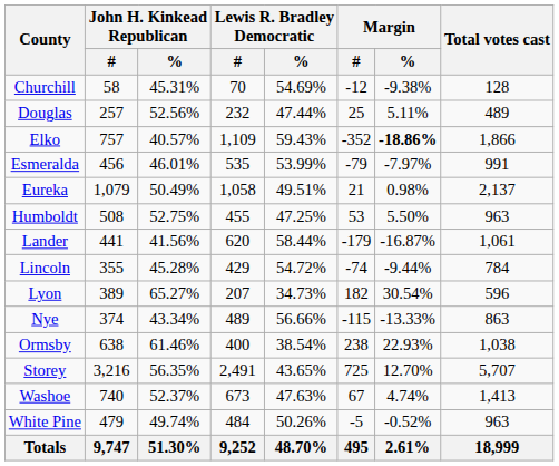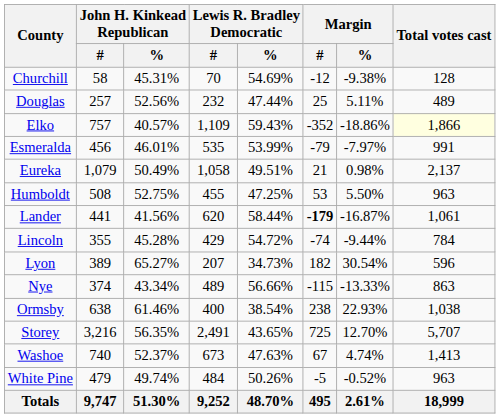 <table class="wikitable sortable" style="text-align:center">
 <tr>
 <th rowspan="2">County</th>
 <th style="text-align:center;" colspan="2">John H. Kinkead<br>Republican</th>
 <th style="text-align:center;" colspan="2">Lewis R. Bradley<br>Democratic</th>
 <th style="text-align:center;" colspan="2">Margin</th>
 <th style="text-align:center;" rowspan="2">Total votes cast</th>
 </tr>
 <tr>
 <th style="text-align:center;" data-sort-type="number">#</th>
 <th style="text-align:center;" data-sort-type="number">%</th>
 <th style="text-align:center;" data-sort-type="number">#</th>
 <th style="text-align:center;" data-sort-type="number">%</th>
 <th style="text-align:center;" data-sort-type="number">#</th>
 <th style="text-align:center;" data-sort-type="number">%</th>
 </tr>
 <tr style="text-align:center;">
 <td><a href='#'>Churchill</a></td>
 <td>58</td>
 <td>45.31%</td>
 <td>70</td>
 <td>54.69%</td>
 <td>-12</td>
 <td>-9.38%</td>
 <td>128</td>
 </tr>
 <tr style="text-align:center;">
 <td><a href='#'>Douglas</a></td>
 <td>257</td>
 <td>52.56%</td>
 <td>232</td>
 <td>47.44%</td>
 <td>25</td>
 <td>5.11%</td>
 <td>489</td>
 </tr>
 <tr style="text-align:center;">
 <td><a href='#'>Elko</a></td>
 <td>757</td>
 <td>40.57%</td>
 <td>1,109</td>
 <td>59.43%</td>
 <td>-352</td>
-<td><strong>-18.86%</strong></td>
-<td>1,866</td>
+<td>-18.86%</td>
+<td style="background: lightyellow;">1,866</td>
 </tr>
 <tr style="text-align:center;">
 <td><a href='#'>Esmeralda</a></td>
 <td>456</td>
 <td>46.01%</td>
 <td>535</td>
 <td>53.99%</td>
 <td>-79</td>
 <td>-7.97%</td>
 <td>991</td>
 </tr>
 <tr style="text-align:center;">
 <td><a href='#'>Eureka</a></td>
 <td>1,079</td>
 <td>50.49%</td>
 <td>1,058</td>
 <td>49.51%</td>
 <td>21</td>
 <td>0.98%</td>
 <td>2,137</td>
 </tr>
 <tr style="text-align:center;">
 <td><a href='#'>Humboldt</a></td>
 <td>508</td>
 <td>52.75%</td>
 <td>455</td>
 <td>47.25%</td>
 <td>53</td>
 <td>5.50%</td>
 <td>963</td>
 </tr>
 <tr style="text-align:center;">
 <td><a href='#'>Lander</a></td>
 <td>441</td>
 <td>41.56%</td>
 <td>620</td>
 <td>58.44%</td>
-<td>-179</td>
+<td><strong>-179</strong></td>
 <td>-16.87%</td>
 <td>1,061</td>
 </tr>
 <tr style="text-align:center;">
 <td><a href='#'>Lincoln</a></td>
 <td>355</td>
 <td>45.28%</td>
 <td>429</td>
 <td>54.72%</td>
 <td>-74</td>
 <td>-9.44%</td>
 <td>784</td>
 </tr>
 <tr style="text-align:center;">
 <td><a href='#'>Lyon</a></td>
 <td>389</td>
 <td>65.27%</td>
 <td>207</td>
 <td>34.73%</td>
 <td>182</td>
 <td>30.54%</td>
 <td>596</td>
 </tr>
 <tr style="text-align:center;">
 <td><a href='#'>Nye</a></td>
 <td>374</td>
 <td>43.34%</td>
 <td>489</td>
 <td>56.66%</td>
 <td>-115</td>
 <td>-13.33%</td>
 <td>863</td>
 </tr>
 <tr style="text-align:center;">
 <td><a href='#'>Ormsby</a></td>
 <td>638</td>
 <td>61.46%</td>
 <td>400</td>
 <td>38.54%</td>
 <td>238</td>
 <td>22.93%</td>
 <td>1,038</td>
 </tr>
 <tr style="text-align:center;">
 <td><a href='#'>Storey</a></td>
 <td>3,216</td>
 <td>56.35%</td>
 <td>2,491</td>
 <td>43.65%</td>
 <td>725</td>
 <td>12.70%</td>
 <td>5,707</td>
 </tr>
 <tr style="text-align:center;">
 <td><a href='#'>Washoe</a></td>
 <td>740</td>
 <td>52.37%</td>
 <td>673</td>
 <td>47.63%</td>
 <td>67</td>
 <td>4.74%</td>
 <td>1,413</td>
 </tr>
 <tr style="text-align:center;">
 <td><a href='#'>White Pine</a></td>
 <td>479</td>
 <td>49.74%</td>
 <td>484</td>
 <td>50.26%</td>
 <td>-5</td>
 <td>-0.52%</td>
 <td>963</td>
 </tr>
 <tr style="text-align:center;">
 <th>Totals</th>
 <th>9,747</th>
 <th>51.30%</th>
 <th>9,252</th>
 <th>48.70%</th>
 <th>495</th>
 <th>2.61%</th>
 <th>18,999</th>
 </tr>
 </table>
